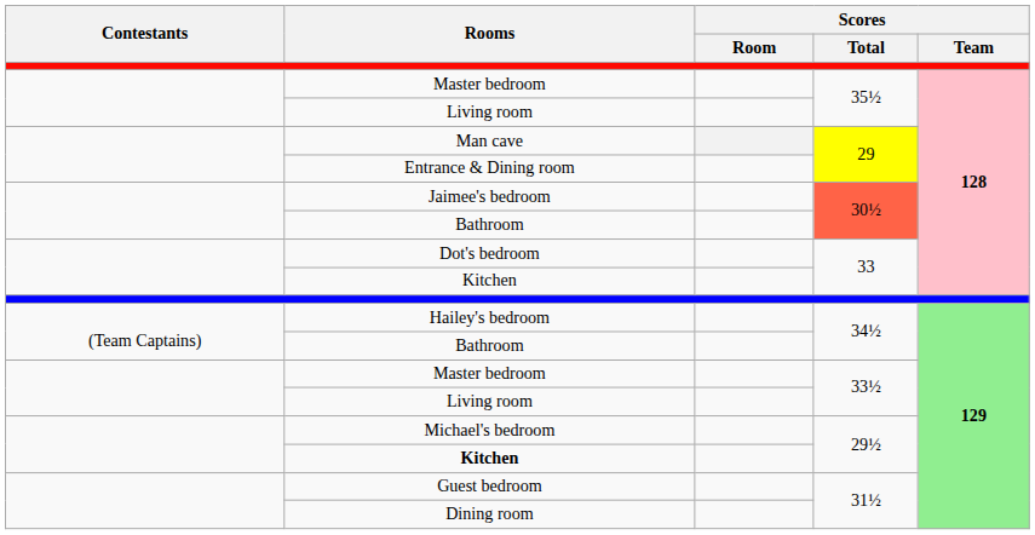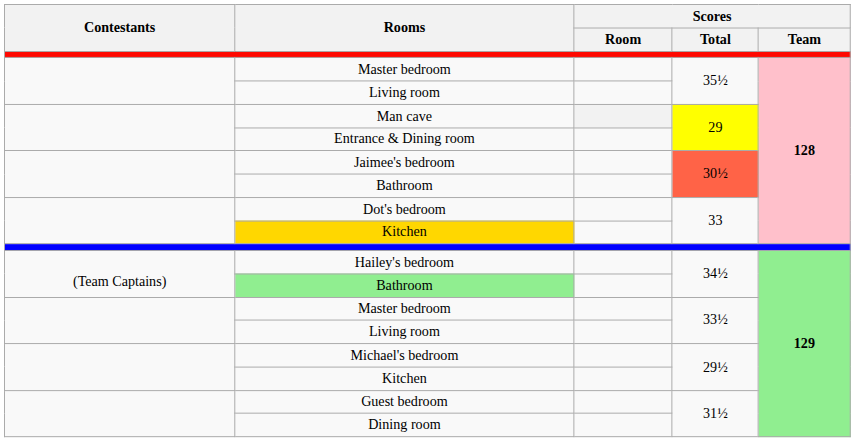 <table class="wikitable plainrowheaders" style="text-align:center; font-size:90%; width:60em;">
 <tr>
 <th rowspan="2">Contestants</th>
 <th rowspan="2">Rooms</th>
 <th colspan="3">Scores</th>
 </tr>
 <tr>
 <th>Room</th>
 <th>Total</th>
 <th>Team</th>
 </tr>
 <tr>
 <td colspan="6" style="background:#FF0800; color:white;"> </td>
 </tr>
 <tr>
 <td rowspan="2"></td>
 <td>Master bedroom</td>
 <td></td>
 <td rowspan="2">35½</td>
 <th rowspan="8" style="background:#FFC0CB">128</th>
 </tr>
 <tr>
 <td>Living room</td>
 <td></td>
 </tr>
 <tr>
 <td rowspan="2"></td>
 <td>Man cave</td>
 <th></th>
 <td rowspan="2" style="background:#FFFF00">29</td>
 </tr>
 <tr>
 <td>Entrance & Dining room</td>
 <td></td>
 </tr>
 <tr>
 <td rowspan="2"></td>
 <td>Jaimee's bedroom</td>
 <td></td>
 <td rowspan="2" style="background:tomato">30½</td>
 </tr>
 <tr>
 <td>Bathroom</td>
 <td></td>
 </tr>
 <tr>
 <td rowspan="2"></td>
 <td>Dot's bedroom</td>
 <td></td>
 <td rowspan="2">33</td>
 </tr>
 <tr>
-<td>Kitchen</td>
+<td style="background: gold;">Kitchen</td>
 <td></td>
 </tr>
 <tr>
 <td colspan="6" style="background:blue; color:white;"> </td>
 </tr>
 <tr>
 <td rowspan="2"><br>(Team Captains)</td>
 <td>Hailey's bedroom</td>
 <td></td>
 <td rowspan="2">34½</td>
 <th rowspan="8" style="background:#90EE90">129</th>
 </tr>
 <tr>
-<td>Bathroom</td>
+<td style="background: lightgreen;">Bathroom</td>
 <td></td>
 </tr>
 <tr>
 <td rowspan="2"></td>
 <td>Master bedroom</td>
 <td></td>
 <td rowspan="2">33½</td>
 </tr>
 <tr>
 <td>Living room</td>
 <td></td>
 </tr>
 <tr>
 <td rowspan="2"></td>
 <td>Michael's bedroom</td>
 <td></td>
 <td rowspan="2">29½</td>
 </tr>
 <tr>
-<td><strong>Kitchen</strong></td>
+<td>Kitchen</td>
 <td></td>
 </tr>
 <tr>
 <td rowspan="2"></td>
 <td>Guest bedroom</td>
 <td></td>
 <td rowspan="2">31½</td>
 </tr>
 <tr>
 <td>Dining room</td>
 <td></td>
 </tr>
 </table>
